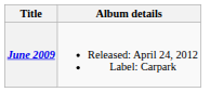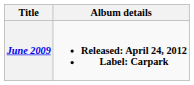 <table class="wikitable plainrowheaders" style="text-align:center;" border="1">
 <tr>
 <th scope="col">Title</th>
 <th scope="col">Album details</th>
 </tr>
 <tr>
 <th scope="row"><em><a href='#'>June 2009</a></em></th>
-<td><br><ul><li>Released: April 24, 2012</li><li>Label: Carpark</li></ul></td>
+<td><strong><br><ul><li>Released: April 24, 2012</li><li>Label: Carpark</li></ul></strong></td>
 </tr>
 </table>
